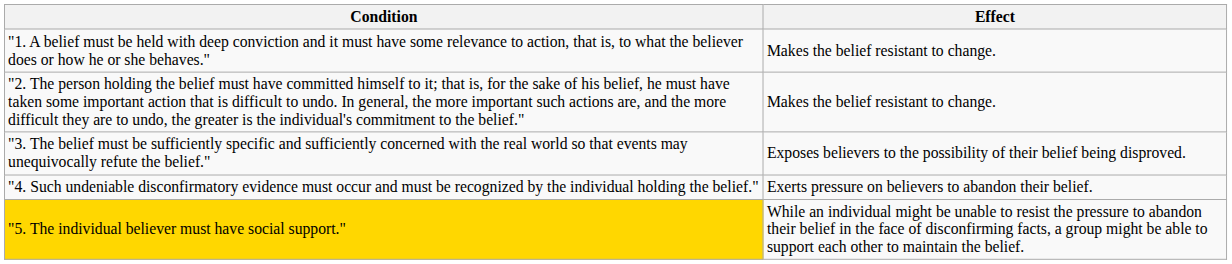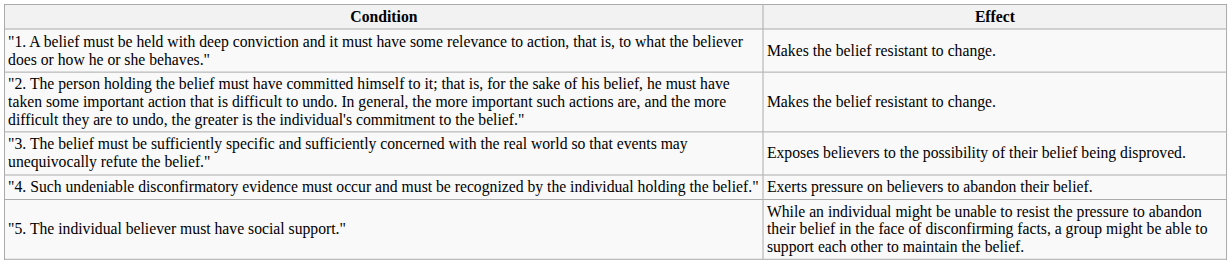 <table class="wikitable">
 <tr>
 <th>Condition</th>
 <th>Effect</th>
 </tr>
 <tr>
 <td>"1. A belief must be held with deep conviction and it must have some relevance to action, that is, to what the believer does or how he or she behaves."</td>
 <td>Makes the belief resistant to change.</td>
 </tr>
 <tr>
 <td>"2. The person holding the belief must have committed himself to it; that is, for the sake of his belief, he must have taken some important action that is difficult to undo. In general, the more important such actions are, and the more difficult they are to undo, the greater is the individual's commitment to the belief."</td>
 <td>Makes the belief resistant to change.</td>
 </tr>
 <tr>
 <td>"3. The belief must be sufficiently specific and sufficiently concerned with the real world so that events may unequivocally refute the belief."</td>
 <td>Exposes believers to the possibility of their belief being disproved.</td>
 </tr>
 <tr>
 <td>"4. Such undeniable disconfirmatory evidence must occur and must be recognized by the individual holding the belief."</td>
 <td>Exerts pressure on believers to abandon their belief.</td>
 </tr>
 <tr>
-<td style="background: gold;">"5. The individual believer must have social support."</td>
+<td>"5. The individual believer must have social support."</td>
 <td>While an individual might be unable to resist the pressure to abandon their belief in the face of disconfirming facts, a group might be able to support each other to maintain the belief.</td>
 </tr>
 </table>
